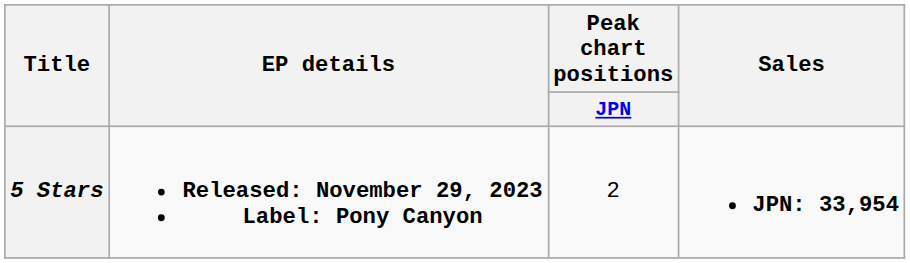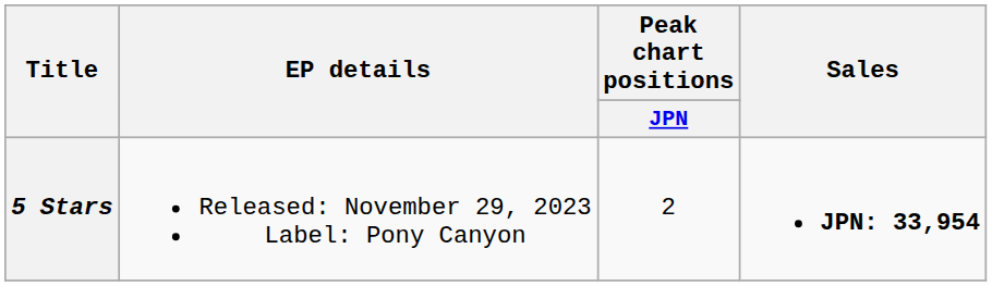 <table class="wikitable plainrowheaders" style="text-align:center;">
 <tr>
 <th scope="col" rowspan="2">Title</th>
 <th scope="col" rowspan="2">EP details</th>
 <th scope="col" colspan="1">Peak chart positions</th>
 <th scope="col" rowspan="2">Sales</th>
 </tr>
 <tr>
 <th scope="col" style="width:2.5em;font-size:90%;"><a href='#'>JPN</a><br></th>
 </tr>
 <tr>
 <th scope="row"><em>5 Stars</em></th>
-<td><strong><br><ul><li>Released: November 29, 2023</li><li>Label: Pony Canyon</li></ul></strong></td>
+<td><br><ul><li>Released: November 29, 2023</li><li>Label: Pony Canyon</li></ul></td>
 <td>2</td>
 <td><strong><br><ul><li>JPN: 33,954</li></ul></strong></td>
 </tr>
 </table>
